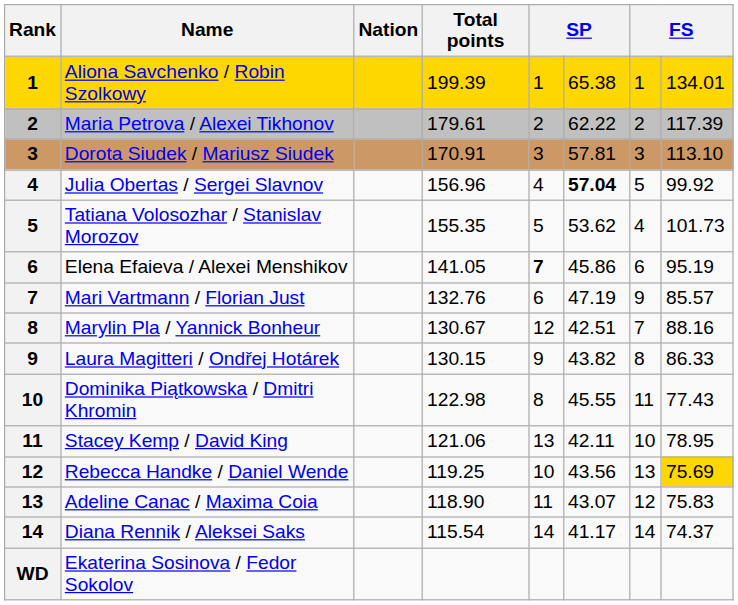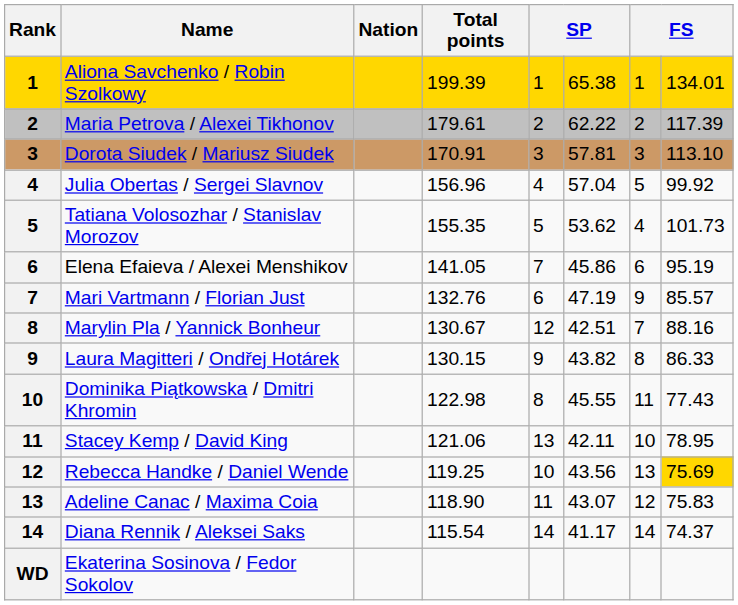 <table class="wikitable">
 <tr>
 <th>Rank</th>
 <th>Name</th>
 <th>Nation</th>
 <th>Total points</th>
 <th colspan="2" style="width:80px;"><a href='#'>SP</a></th>
 <th colspan="2" style="width:80px;"><a href='#'>FS</a></th>
 </tr>
 <tr style="background:gold;">
 <td style="text-align:center;"><strong>1</strong></td>
 <td><a href='#'>Aliona Savchenko</a> / <a href='#'>Robin Szolkowy</a></td>
 <td></td>
 <td>199.39</td>
 <td>1</td>
 <td>65.38</td>
 <td>1</td>
 <td>134.01</td>
 </tr>
 <tr style="background:silver;">
 <td style="text-align:center;"><strong>2</strong></td>
 <td><a href='#'>Maria Petrova</a> / <a href='#'>Alexei Tikhonov</a></td>
 <td></td>
 <td>179.61</td>
 <td>2</td>
 <td>62.22</td>
 <td>2</td>
 <td>117.39</td>
 </tr>
 <tr style="background:#c96;">
 <td style="text-align:center;"><strong>3</strong></td>
 <td><a href='#'>Dorota Siudek</a> / <a href='#'>Mariusz Siudek</a></td>
 <td></td>
 <td>170.91</td>
 <td>3</td>
 <td>57.81</td>
 <td>3</td>
 <td>113.10</td>
 </tr>
 <tr>
 <th>4</th>
 <td><a href='#'>Julia Obertas</a> / <a href='#'>Sergei Slavnov</a></td>
 <td></td>
 <td>156.96</td>
 <td>4</td>
-<td><strong>57.04</strong></td>
+<td>57.04</td>
 <td>5</td>
 <td>99.92</td>
 </tr>
 <tr>
 <th>5</th>
 <td><a href='#'>Tatiana Volosozhar</a> / <a href='#'>Stanislav Morozov</a></td>
 <td></td>
 <td>155.35</td>
 <td>5</td>
 <td>53.62</td>
 <td>4</td>
 <td>101.73</td>
 </tr>
 <tr>
 <th>6</th>
 <td>Elena Efaieva / Alexei Menshikov</td>
 <td></td>
 <td>141.05</td>
-<td><strong>7</strong></td>
+<td>7</td>
 <td>45.86</td>
 <td>6</td>
 <td>95.19</td>
 </tr>
 <tr>
 <th>7</th>
 <td><a href='#'>Mari Vartmann</a> / <a href='#'>Florian Just</a></td>
 <td></td>
 <td>132.76</td>
 <td>6</td>
 <td>47.19</td>
 <td>9</td>
 <td>85.57</td>
 </tr>
 <tr>
 <th>8</th>
 <td><a href='#'>Marylin Pla</a> / <a href='#'>Yannick Bonheur</a></td>
 <td></td>
 <td>130.67</td>
 <td>12</td>
 <td>42.51</td>
 <td>7</td>
 <td>88.16</td>
 </tr>
 <tr>
 <th>9</th>
 <td><a href='#'>Laura Magitteri</a> / <a href='#'>Ondřej Hotárek</a></td>
 <td></td>
 <td>130.15</td>
 <td>9</td>
 <td>43.82</td>
 <td>8</td>
 <td>86.33</td>
 </tr>
 <tr>
 <th>10</th>
 <td><a href='#'>Dominika Piątkowska</a> / <a href='#'>Dmitri Khromin</a></td>
 <td></td>
 <td>122.98</td>
 <td>8</td>
 <td>45.55</td>
 <td>11</td>
 <td>77.43</td>
 </tr>
 <tr>
 <th>11</th>
 <td><a href='#'>Stacey Kemp</a> / <a href='#'>David King</a></td>
 <td></td>
 <td>121.06</td>
 <td>13</td>
 <td>42.11</td>
 <td>10</td>
 <td>78.95</td>
 </tr>
 <tr>
 <th>12</th>
 <td><a href='#'>Rebecca Handke</a> / <a href='#'>Daniel Wende</a></td>
 <td></td>
 <td>119.25</td>
 <td>10</td>
 <td>43.56</td>
 <td>13</td>
 <td style="background: gold;">75.69</td>
 </tr>
 <tr>
 <th>13</th>
 <td><a href='#'>Adeline Canac</a> / <a href='#'>Maxima Coia</a></td>
 <td></td>
 <td>118.90</td>
 <td>11</td>
 <td>43.07</td>
 <td>12</td>
 <td>75.83</td>
 </tr>
 <tr>
 <th>14</th>
 <td><a href='#'>Diana Rennik</a> / <a href='#'>Aleksei Saks</a></td>
 <td></td>
 <td>115.54</td>
 <td>14</td>
 <td>41.17</td>
 <td>14</td>
 <td>74.37</td>
 </tr>
 <tr>
 <th>WD</th>
 <td><a href='#'>Ekaterina Sosinova</a> / <a href='#'>Fedor Sokolov</a></td>
 <td></td>
 <td></td>
 <td></td>
 <td></td>
 <td></td>
 <td></td>
 </tr>
 </table>
